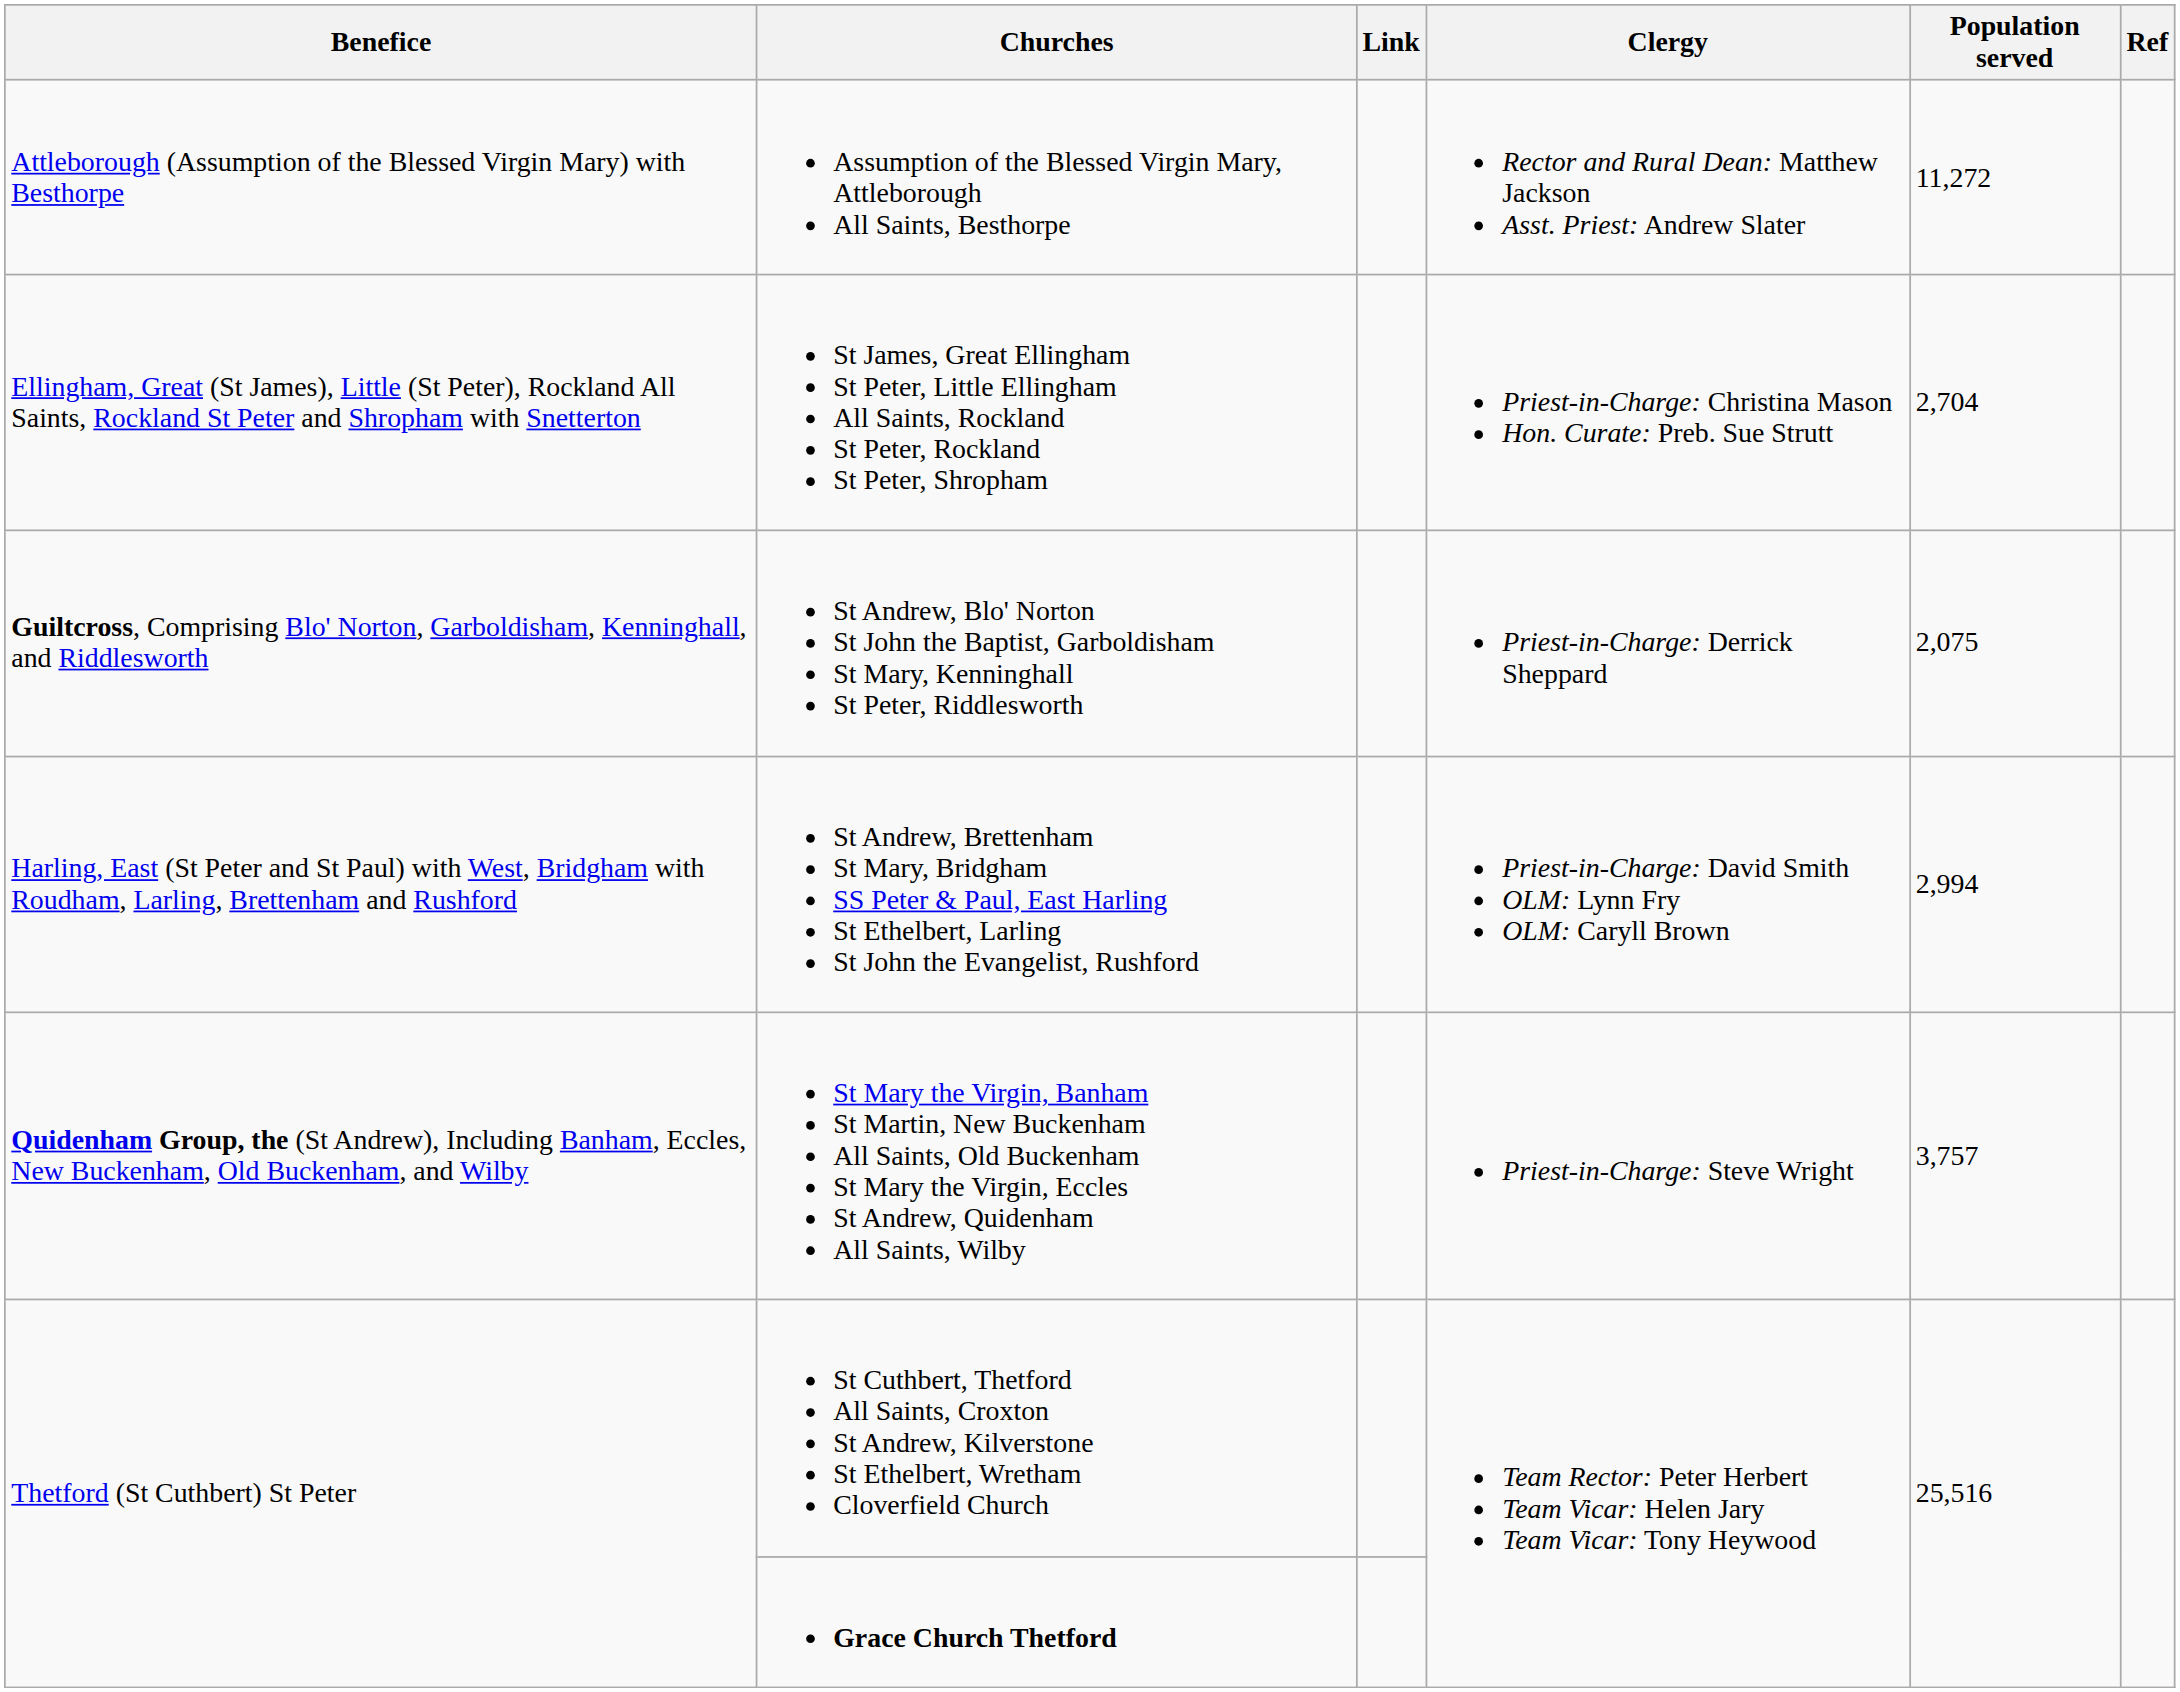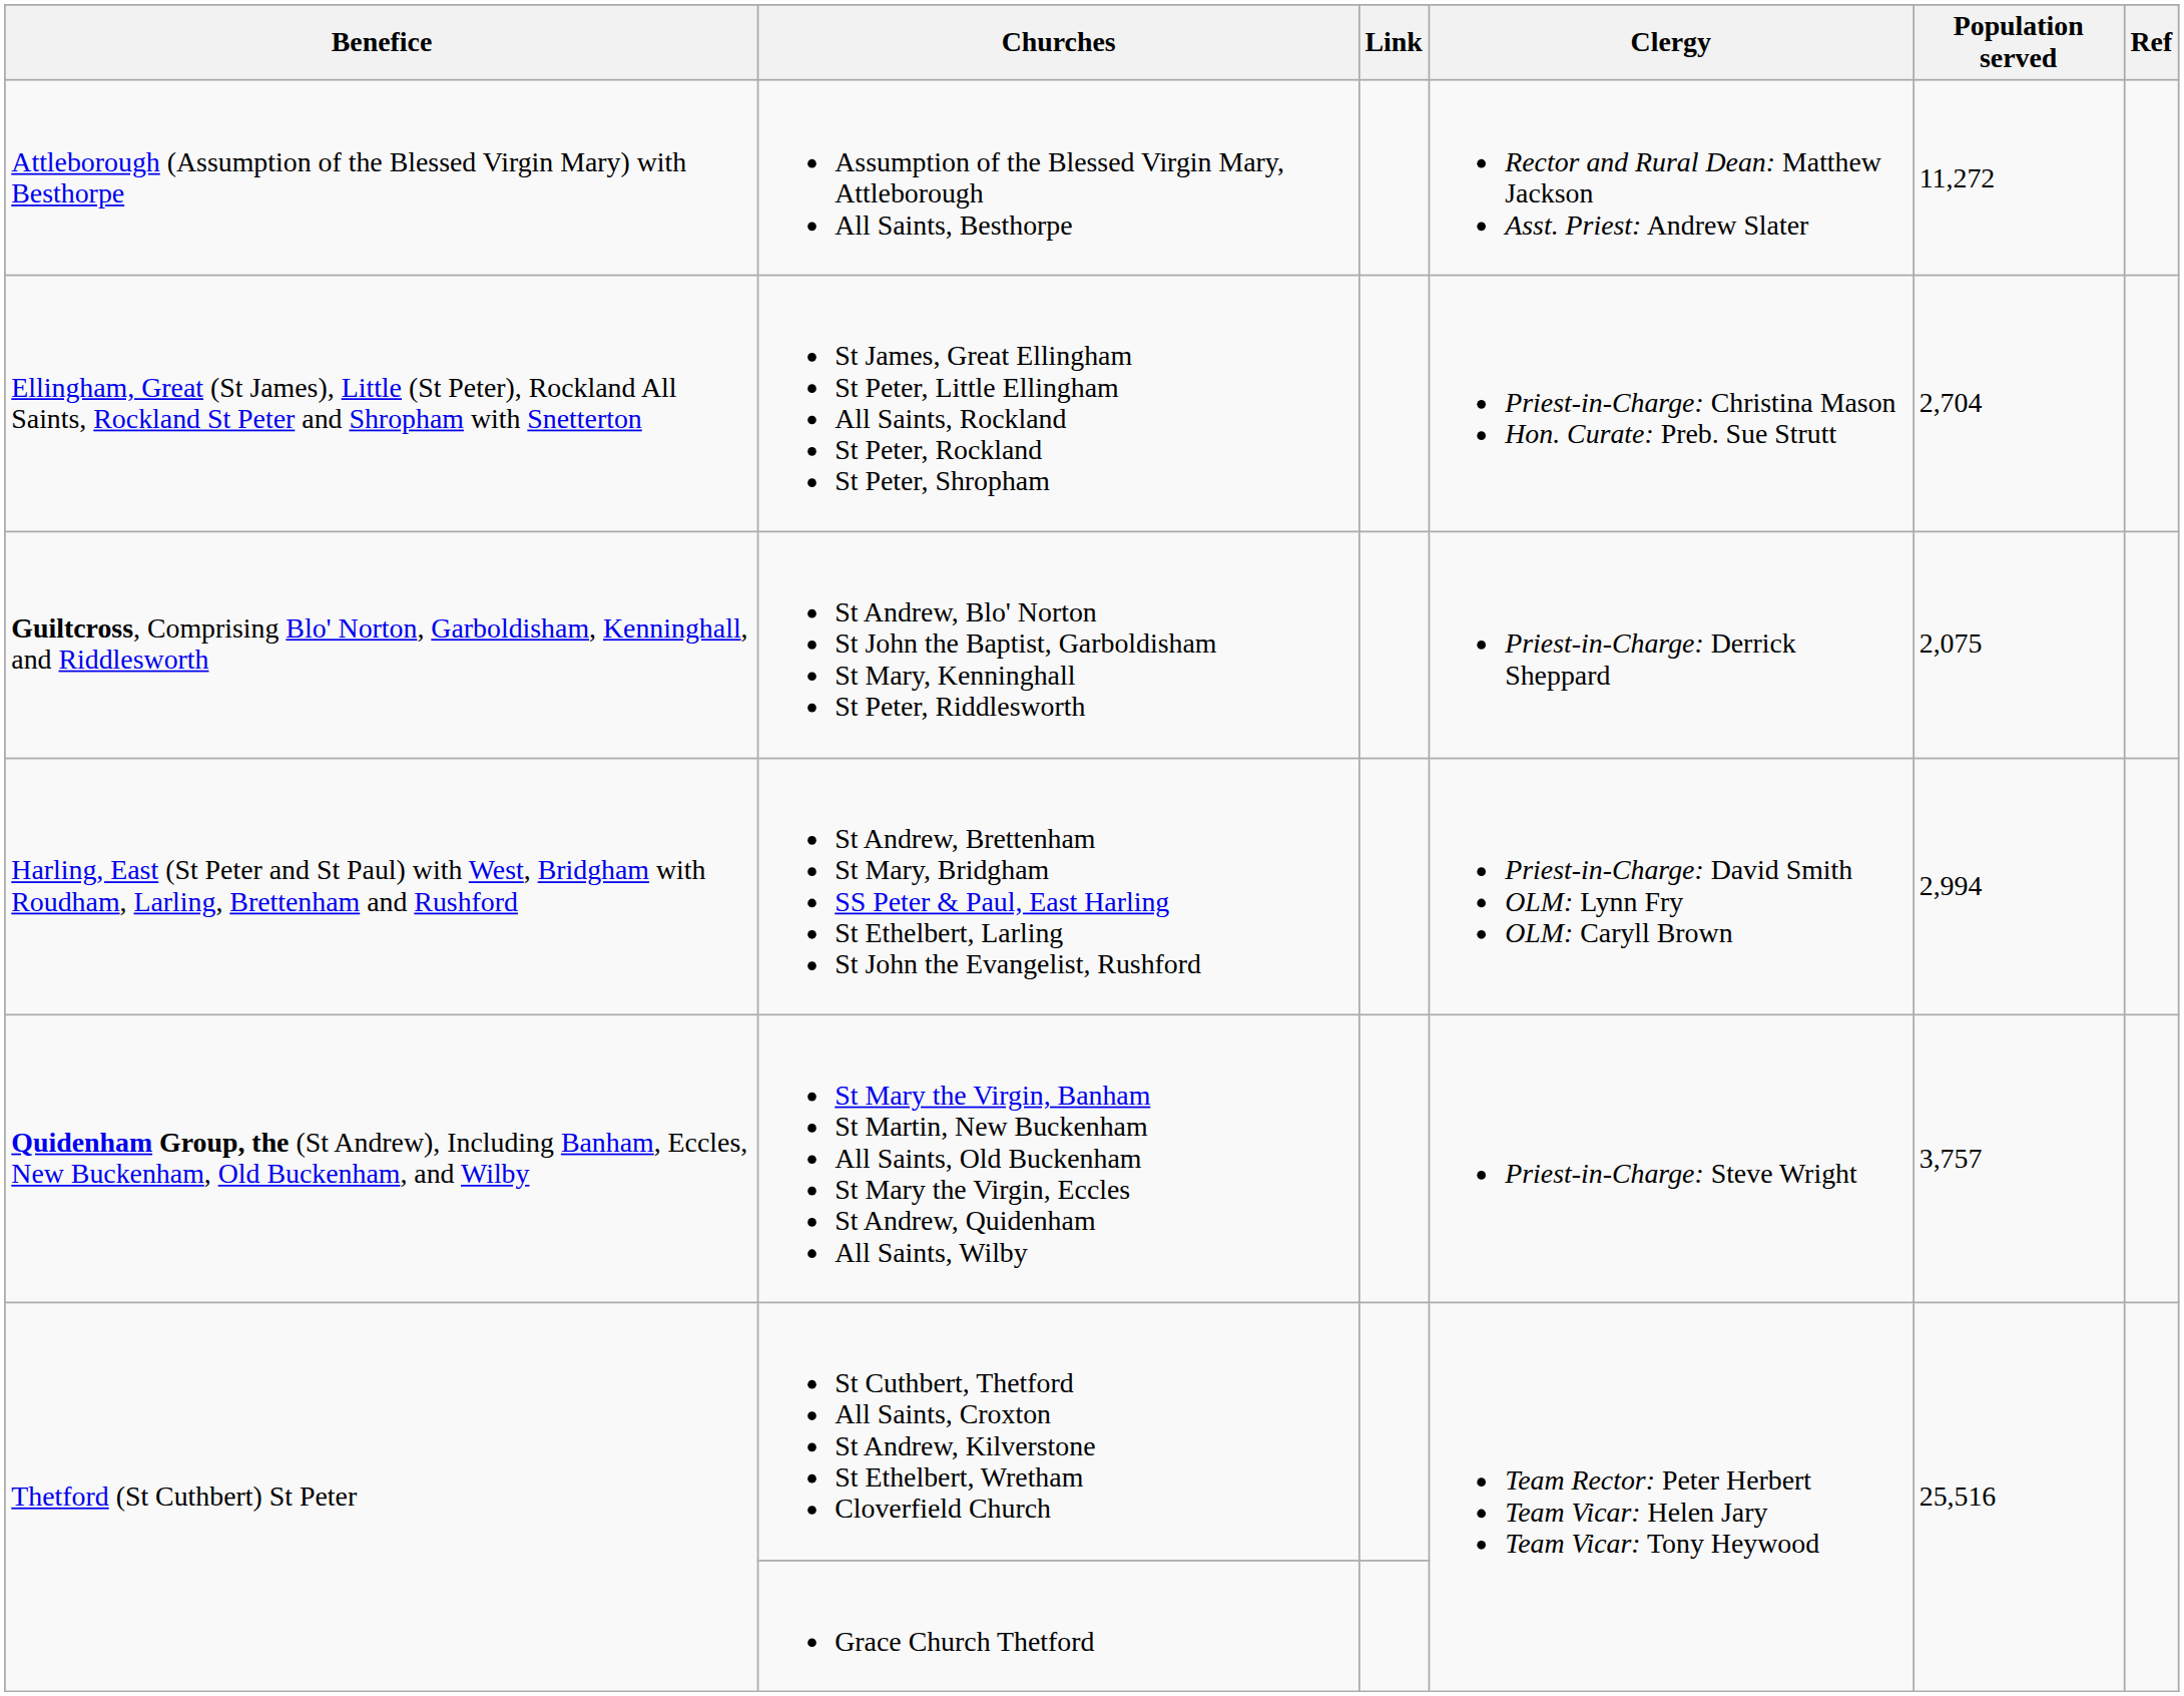 <table class="wikitable">
 <tr>
 <th width="425">Benefice</th>
 <th>Churches</th>
 <th>Link</th>
 <th>Clergy</th>
 <th>Population served</th>
 <th>Ref</th>
 </tr>
 <tr>
 <td><a href='#'>Attleborough</a> (Assumption of the Blessed Virgin Mary) with <a href='#'>Besthorpe</a></td>
 <td><br><ul><li>Assumption of the Blessed Virgin Mary, Attleborough</li><li>All Saints, Besthorpe</li></ul></td>
 <td></td>
 <td><br><ul><li><em>Rector and Rural Dean:</em> Matthew Jackson</li><li><em>Asst. Priest:</em> Andrew Slater</li></ul></td>
 <td>11,272</td>
 <td></td>
 </tr>
 <tr>
 <td><a href='#'>Ellingham, Great</a> (St James), <a href='#'>Little</a> (St Peter), Rockland All Saints, <a href='#'>Rockland St Peter</a> and <a href='#'>Shropham</a> with <a href='#'>Snetterton</a></td>
 <td><br><ul><li>St James, Great Ellingham</li><li>St Peter, Little Ellingham</li><li>All Saints, Rockland</li><li>St Peter, Rockland</li><li>St Peter, Shropham</li></ul></td>
 <td></td>
 <td><br><ul><li><em>Priest-in-Charge:</em> Christina Mason</li><li><em>Hon. Curate:</em> Preb. Sue Strutt</li></ul></td>
 <td>2,704</td>
 <td></td>
 </tr>
 <tr>
 <td><strong>Guiltcross</strong>, Comprising <a href='#'>Blo' Norton</a>, <a href='#'>Garboldisham</a>, <a href='#'>Kenninghall</a>, and <a href='#'>Riddlesworth</a></td>
 <td><br><ul><li>St Andrew, Blo' Norton</li><li>St John the Baptist, Garboldisham</li><li>St Mary, Kenninghall</li><li>St Peter, Riddlesworth</li></ul></td>
 <td></td>
 <td><br><ul><li><em>Priest-in-Charge:</em> Derrick Sheppard</li></ul></td>
 <td>2,075</td>
 <td></td>
 </tr>
 <tr>
 <td><a href='#'>Harling, East</a> (St Peter and St Paul) with <a href='#'>West</a>, <a href='#'>Bridgham</a> with <a href='#'>Roudham</a>, <a href='#'>Larling</a>, <a href='#'>Brettenham</a> and <a href='#'>Rushford</a></td>
 <td><br><ul><li>St Andrew, Brettenham</li><li>St Mary, Bridgham</li><li><a href='#'>SS Peter & Paul, East Harling</a></li><li>St Ethelbert, Larling</li><li>St John the Evangelist, Rushford</li></ul></td>
 <td></td>
 <td><br><ul><li><em>Priest-in-Charge:</em> David Smith</li><li><em>OLM:</em> Lynn Fry</li><li><em>OLM:</em> Caryll Brown</li></ul></td>
 <td>2,994</td>
 <td></td>
 </tr>
 <tr>
 <td><strong><a href='#'>Quidenham</a> Group, the</strong> (St Andrew), Including <a href='#'>Banham</a>, Eccles, <a href='#'>New Buckenham</a>, <a href='#'>Old Buckenham</a>, and <a href='#'>Wilby</a></td>
 <td><br><ul><li><a href='#'>St Mary the Virgin, Banham</a></li><li>St Martin, New Buckenham</li><li>All Saints, Old Buckenham</li><li>St Mary the Virgin, Eccles</li><li>St Andrew, Quidenham</li><li>All Saints, Wilby</li></ul></td>
 <td></td>
 <td><br><ul><li><em>Priest-in-Charge:</em> Steve Wright</li></ul></td>
 <td>3,757</td>
 <td></td>
 </tr>
 <tr>
 <td rowspan="2"><a href='#'>Thetford</a> (St Cuthbert) St Peter</td>
 <td><br><ul><li>St Cuthbert, Thetford</li><li>All Saints, Croxton</li><li>St Andrew, Kilverstone</li><li>St Ethelbert, Wretham</li><li>Cloverfield Church</li></ul></td>
 <td></td>
 <td rowspan="2"><br><ul><li><em>Team Rector:</em> Peter Herbert</li><li><em>Team Vicar:</em> Helen Jary</li><li><em>Team Vicar:</em> Tony Heywood</li></ul></td>
 <td rowspan="2">25,516</td>
 <td rowspan="2"></td>
 </tr>
 <tr>
-<td><strong><br><ul><li>Grace Church Thetford</li></ul></strong></td>
+<td><br><ul><li>Grace Church Thetford</li></ul></td>
 <td></td>
 </tr>
 </table>
